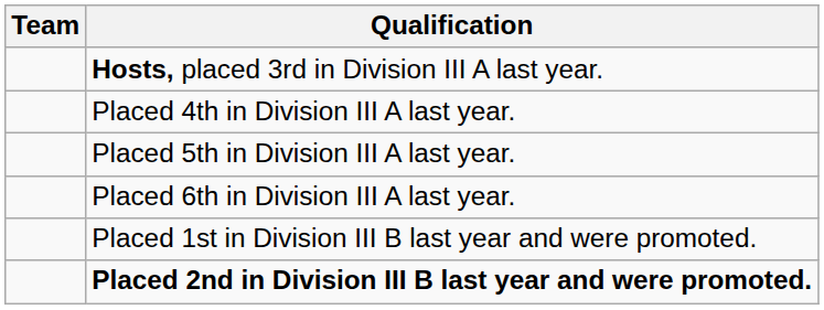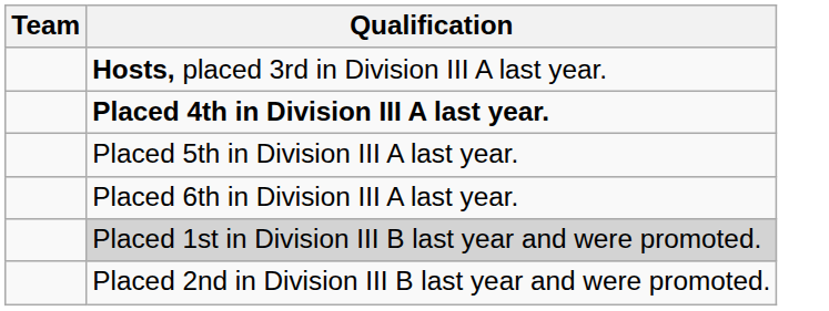 <table class="wikitable">
 <tr>
 <th>Team</th>
 <th>Qualification</th>
 </tr>
 <tr>
 <td></td>
 <td><strong>Hosts,</strong> placed 3rd in Division III A last year.</td>
 </tr>
 <tr>
 <td></td>
-<td>Placed 4th in Division III A last year.</td>
+<td><strong>Placed 4th in Division III A last year.</strong></td>
 </tr>
 <tr>
 <td></td>
 <td>Placed 5th in Division III A last year.</td>
 </tr>
 <tr>
 <td></td>
 <td>Placed 6th in Division III A last year.</td>
 </tr>
 <tr>
 <td></td>
-<td>Placed 1st in Division III B last year and were promoted.</td>
+<td style="background: lightgrey;">Placed 1st in Division III B last year and were promoted.</td>
 </tr>
 <tr>
 <td></td>
-<td><strong>Placed 2nd in Division III B last year and were promoted.</strong></td>
+<td>Placed 2nd in Division III B last year and were promoted.</td>
 </tr>
 </table>
